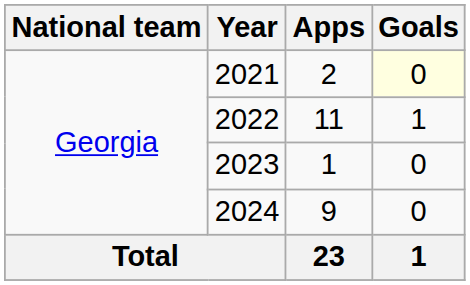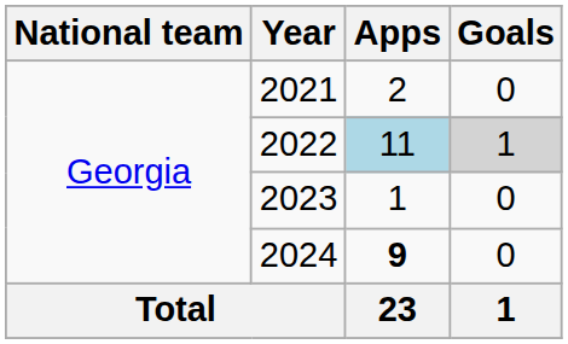 <table class="wikitable" style="text-align:center">
 <tr>
 <th>National team</th>
 <th>Year</th>
 <th>Apps</th>
 <th>Goals</th>
 </tr>
 <tr>
 <td rowspan="4"><a href='#'>Georgia</a></td>
 <td>2021</td>
 <td>2</td>
-<td style="background: lightyellow;">0</td>
+<td>0</td>
 </tr>
 <tr>
 <td>2022</td>
-<td>11</td>
-<td>1</td>
+<td style="background: lightblue;">11</td>
+<td style="background: lightgrey;">1</td>
 </tr>
 <tr>
 <td>2023</td>
 <td>1</td>
 <td>0</td>
 </tr>
 <tr>
 <td>2024</td>
-<td>9</td>
+<td><strong>9</strong></td>
 <td>0</td>
 </tr>
 <tr>
 <th colspan="2">Total</th>
 <th>23</th>
 <th>1</th>
 </tr>
 </table>
